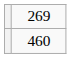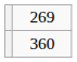 <table class="wikitable">
 <tr>
 <th></th>
 <td style="padding-left: 1em; padding-right: 1em">269</td>
 </tr>
 <tr>
 <th></th>
-<td style="padding-left: 1em; padding-right: 1em">460</td>
+<td style="padding-left: 1em; padding-right: 1em">360</td>
 </tr>
 </table>
